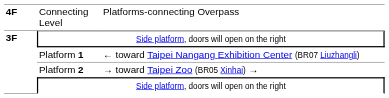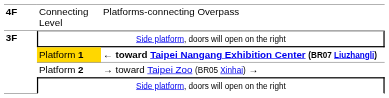 <table table border=0 cellspacing=0 cellpadding=3>
 <tr>
 <td style="border-bottom:solid 1px gray;border-top:solid 1px gray;" width=50 valign=top><strong>4F</strong></td>
 <td style="border-top:solid 1px gray;border-bottom:solid 1px gray;" width=100 valign=top>Connecting Level</td>
 <td style="border-top:solid 1px gray;border-bottom:solid 1px gray;" width=480 valign=top>Platforms-connecting Overpass</td>
 </tr>
 <tr>
 <td style="border-bottom:solid 1px gray;" width=50 rowspan=10 valign=top><strong>3F</strong></td>
 </tr>
 <tr>
 <td style="border-right:solid 2px black;border-left:solid 2px black;border-bottom:solid 2px black;border-top:solid 1px gray;text-align:center;" colspan=2><small><a href='#'>Side platform</a>, doors will open on the right</small></td>
 </tr>
 <tr>
-<td style="border-bottom:solid 1px gray;" width=100>Platform <span><strong>1</strong></span></td>
-<td style="border-bottom:solid 1px gray;" width=480>←  toward <a href='#'>Taipei Nangang Exhibition Center</a> <small>(BR07 <a href='#'>Liuzhangli</a>)</small></td>
+<td style="background: gold; border-bottom:solid 1px gray;" width=100>Platform <span><strong>1</strong></span></td>
+<td style="border-bottom:solid 1px gray;" width=480><strong>←  toward <a href='#'>Taipei Nangang Exhibition Center</a> <small>(BR07 <a href='#'>Liuzhangli</a>)</small></strong></td>
 </tr>
 <tr>
 <td>Platform <span><strong>2</strong></span></td>
 <td><span>→</span> toward <a href='#'>Taipei Zoo</a> <small>(BR05 <a href='#'>Xinhai</a>)</small> →</td>
 </tr>
 <tr>
 <td style="border-top:solid 2px black;border-right:solid 2px black;border-left:solid 2px black;border-bottom:solid 1px white;text-align:center;" colspan=2><small><a href='#'>Side platform</a>, doors will open on the right</small></td>
 </tr>
 </table>
